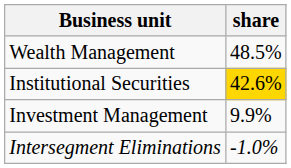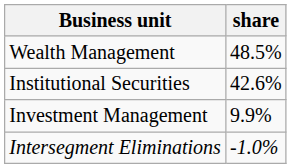 <table class="wikitable floatright">
 <tr>
 <th>Business unit</th>
 <th>share</th>
 </tr>
 <tr>
 <td>Wealth Management</td>
 <td>48.5%</td>
 </tr>
 <tr>
 <td>Institutional Securities</td>
-<td style="background: gold;">42.6%</td>
+<td>42.6%</td>
 </tr>
 <tr>
 <td>Investment Management</td>
 <td>9.9%</td>
 </tr>
 <tr>
 <td><em>Intersegment Eliminations</em></td>
 <td><em>-1.0%</em></td>
 </tr>
 </table>
